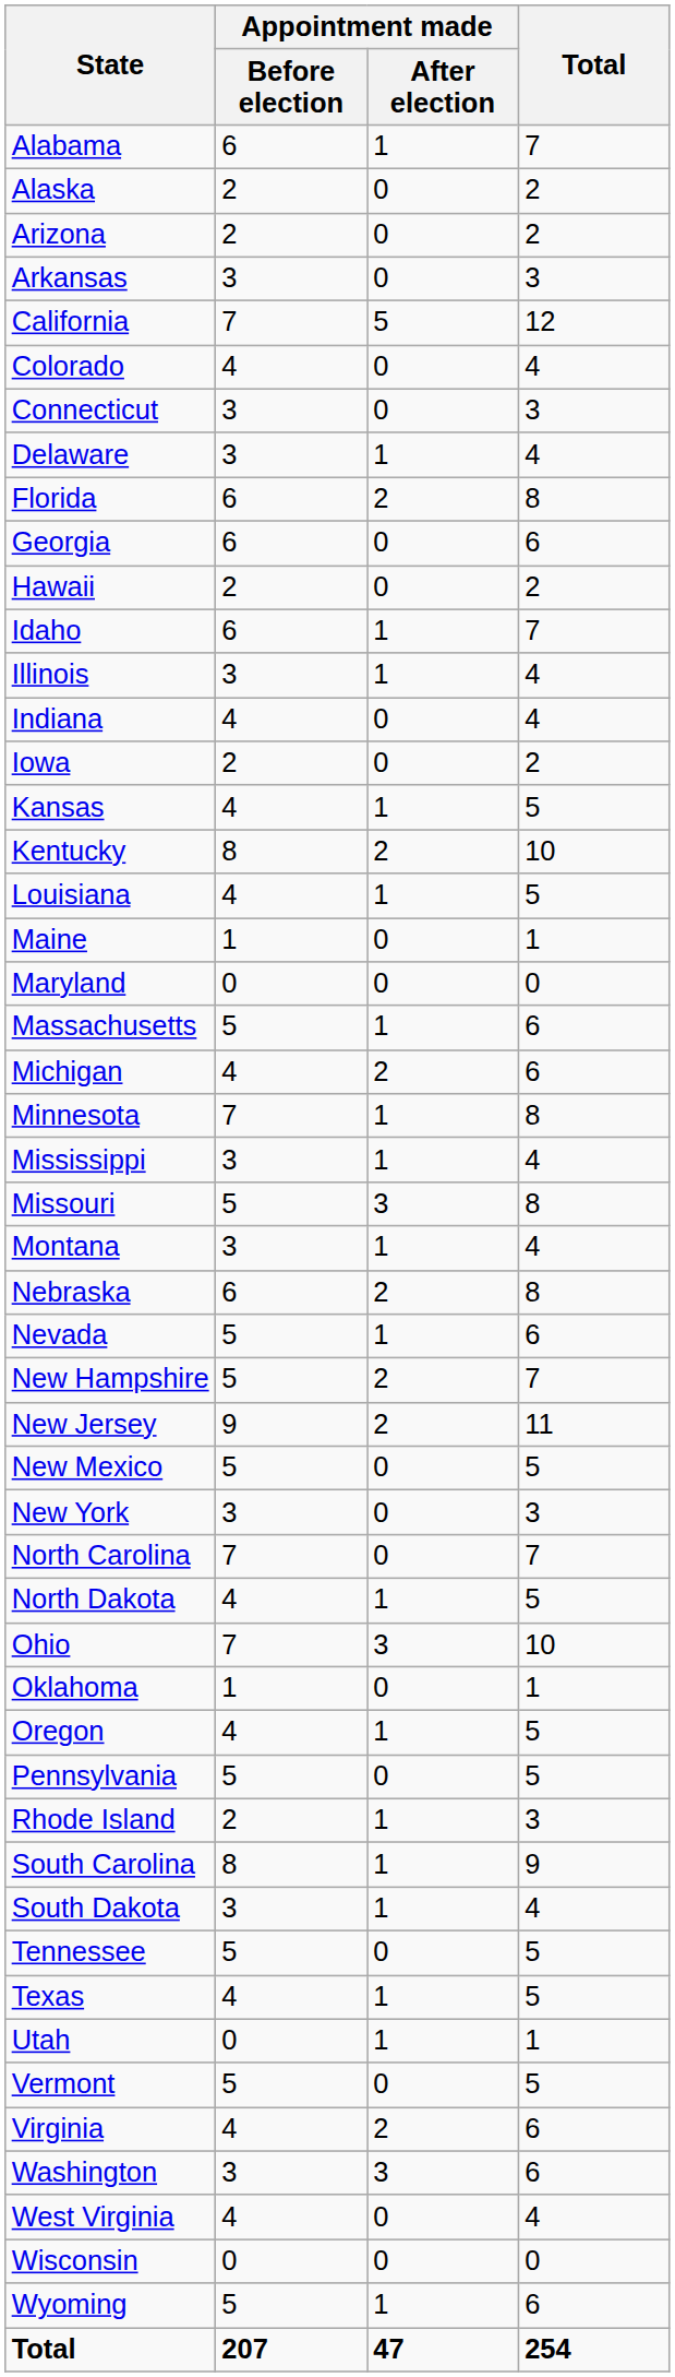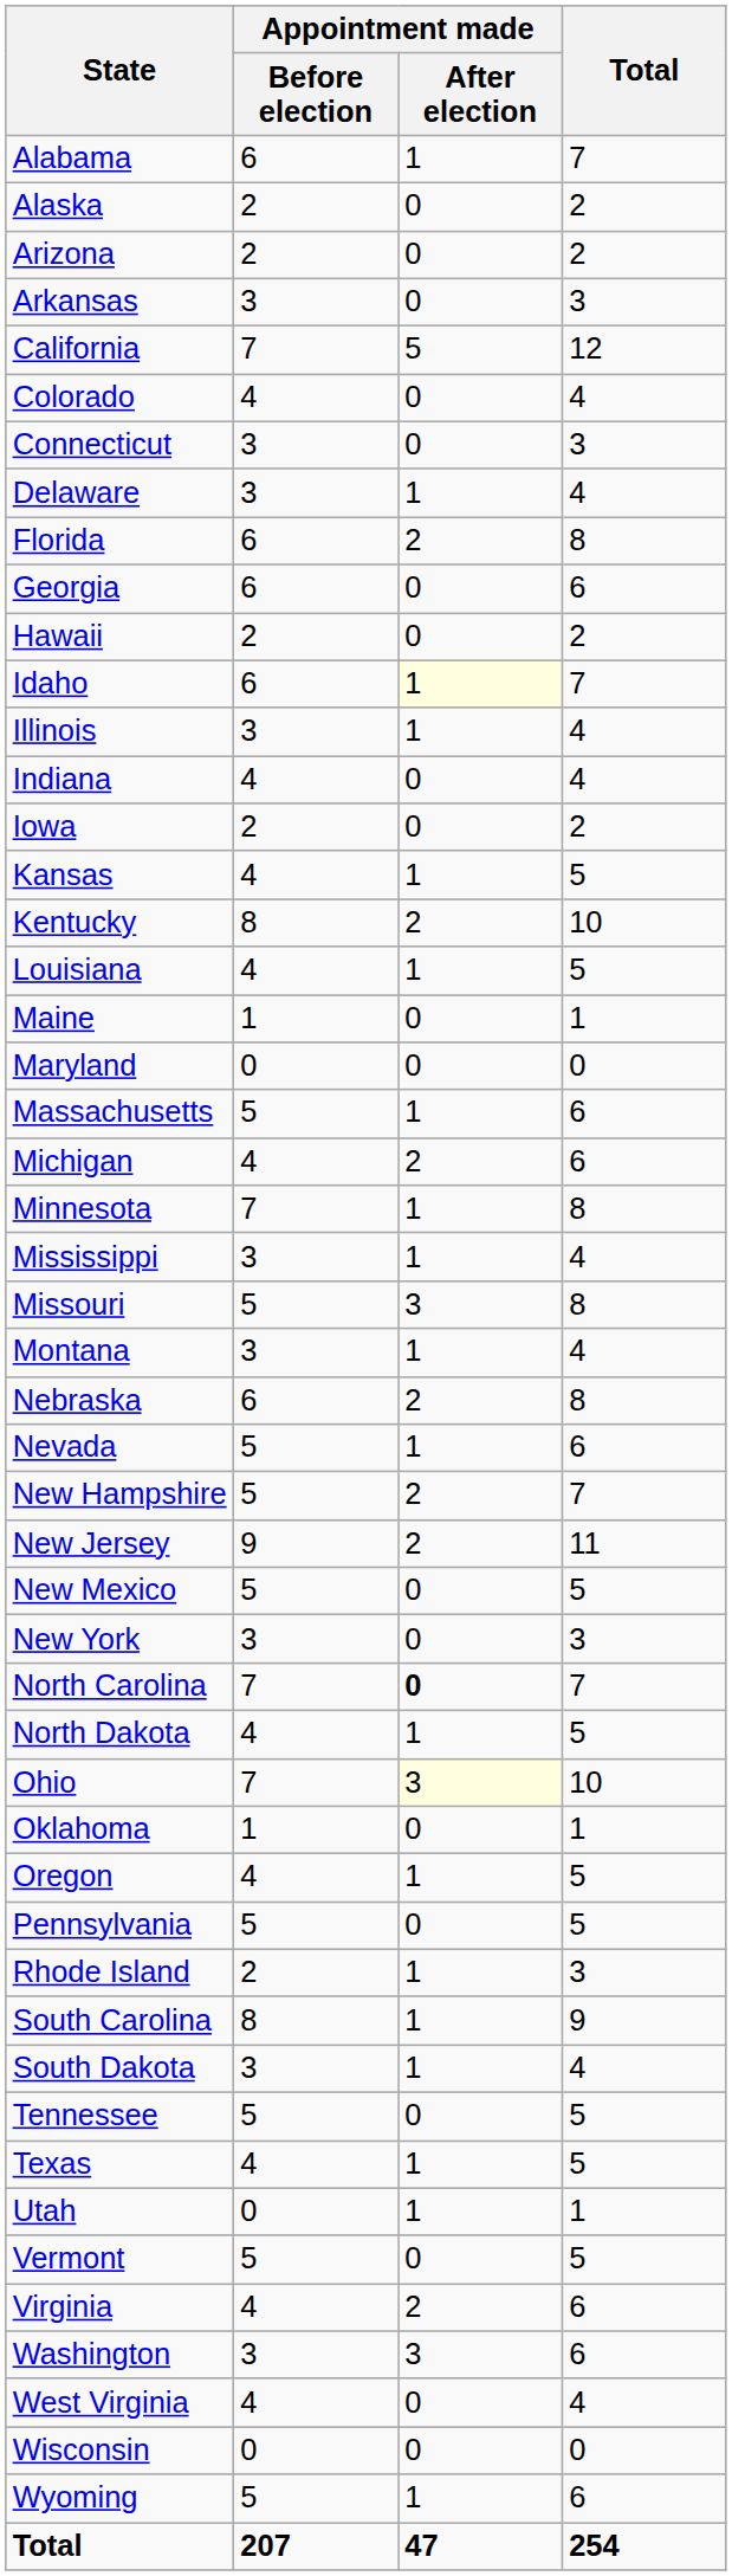 <table class="wikitable sortable mw-collapsible mw-collapsed">
 <tr>
 <th rowspan=2>State</th>
 <th colspan=2>Appointment made</th>
 <th rowspan=2 width=80px>Total</th>
 </tr>
 <tr>
 <th width=80px>Before election</th>
 <th width=80px>After election</th>
 </tr>
 <tr>
 <td> <a href='#'>Alabama</a></td>
 <td>6</td>
 <td>1</td>
 <td>7</td>
 </tr>
 <tr>
 <td> <a href='#'>Alaska</a></td>
 <td>2</td>
 <td>0</td>
 <td>2</td>
 </tr>
 <tr>
 <td> <a href='#'>Arizona</a></td>
 <td>2</td>
 <td>0</td>
 <td>2</td>
 </tr>
 <tr>
 <td> <a href='#'>Arkansas</a></td>
 <td>3</td>
 <td>0</td>
 <td>3</td>
 </tr>
 <tr>
 <td> <a href='#'>California</a></td>
 <td>7</td>
 <td>5</td>
 <td>12</td>
 </tr>
 <tr>
 <td> <a href='#'>Colorado</a></td>
 <td>4</td>
 <td>0</td>
 <td>4</td>
 </tr>
 <tr>
 <td> <a href='#'>Connecticut</a></td>
 <td>3</td>
 <td>0</td>
 <td>3</td>
 </tr>
 <tr>
 <td> <a href='#'>Delaware</a></td>
 <td>3</td>
 <td>1</td>
 <td>4</td>
 </tr>
 <tr>
 <td> <a href='#'>Florida</a></td>
 <td>6</td>
 <td>2</td>
 <td>8</td>
 </tr>
 <tr>
 <td> <a href='#'>Georgia</a></td>
 <td>6</td>
 <td>0</td>
 <td>6</td>
 </tr>
 <tr>
 <td> <a href='#'>Hawaii</a></td>
 <td>2</td>
 <td>0</td>
 <td>2</td>
 </tr>
 <tr>
 <td> <a href='#'>Idaho</a></td>
 <td>6</td>
-<td>1</td>
+<td style="background: lightyellow;">1</td>
 <td>7</td>
 </tr>
 <tr>
 <td> <a href='#'>Illinois</a></td>
 <td>3</td>
 <td>1</td>
 <td>4</td>
 </tr>
 <tr>
 <td> <a href='#'>Indiana</a></td>
 <td>4</td>
 <td>0</td>
 <td>4</td>
 </tr>
 <tr>
 <td> <a href='#'>Iowa</a></td>
 <td>2</td>
 <td>0</td>
 <td>2</td>
 </tr>
 <tr>
 <td> <a href='#'>Kansas</a></td>
 <td>4</td>
 <td>1</td>
 <td>5</td>
 </tr>
 <tr>
 <td> <a href='#'>Kentucky</a></td>
 <td>8</td>
 <td>2</td>
 <td>10</td>
 </tr>
 <tr>
 <td> <a href='#'>Louisiana</a></td>
 <td>4</td>
 <td>1</td>
 <td>5</td>
 </tr>
 <tr>
 <td> <a href='#'>Maine</a></td>
 <td>1</td>
 <td>0</td>
 <td>1</td>
 </tr>
 <tr>
 <td> <a href='#'>Maryland</a></td>
 <td>0</td>
 <td>0</td>
 <td>0</td>
 </tr>
 <tr>
 <td> <a href='#'>Massachusetts</a></td>
 <td>5</td>
 <td>1</td>
 <td>6</td>
 </tr>
 <tr>
 <td> <a href='#'>Michigan</a></td>
 <td>4</td>
 <td>2</td>
 <td>6</td>
 </tr>
 <tr>
 <td> <a href='#'>Minnesota</a></td>
 <td>7</td>
 <td>1</td>
 <td>8</td>
 </tr>
 <tr>
 <td> <a href='#'>Mississippi</a></td>
 <td>3</td>
 <td>1</td>
 <td>4</td>
 </tr>
 <tr>
 <td> <a href='#'>Missouri</a></td>
 <td>5</td>
 <td>3</td>
 <td>8</td>
 </tr>
 <tr>
 <td> <a href='#'>Montana</a></td>
 <td>3</td>
 <td>1</td>
 <td>4</td>
 </tr>
 <tr>
 <td> <a href='#'>Nebraska</a></td>
 <td>6</td>
 <td>2</td>
 <td>8</td>
 </tr>
 <tr>
 <td> <a href='#'>Nevada</a></td>
 <td>5</td>
 <td>1</td>
 <td>6</td>
 </tr>
 <tr>
 <td> <a href='#'>New Hampshire</a></td>
 <td>5</td>
 <td>2</td>
 <td>7</td>
 </tr>
 <tr>
 <td> <a href='#'>New Jersey</a></td>
 <td>9</td>
 <td>2</td>
 <td>11</td>
 </tr>
 <tr>
 <td> <a href='#'>New Mexico</a></td>
 <td>5</td>
 <td>0</td>
 <td>5</td>
 </tr>
 <tr>
 <td> <a href='#'>New York</a></td>
 <td>3</td>
 <td>0</td>
 <td>3</td>
 </tr>
 <tr>
 <td> <a href='#'>North Carolina</a></td>
 <td>7</td>
-<td>0</td>
+<td><strong>0</strong></td>
 <td>7</td>
 </tr>
 <tr>
 <td> <a href='#'>North Dakota</a></td>
 <td>4</td>
 <td>1</td>
 <td>5</td>
 </tr>
 <tr>
 <td> <a href='#'>Ohio</a></td>
 <td>7</td>
-<td>3</td>
+<td style="background: lightyellow;">3</td>
 <td>10</td>
 </tr>
 <tr>
 <td> <a href='#'>Oklahoma</a></td>
 <td>1</td>
 <td>0</td>
 <td>1</td>
 </tr>
 <tr>
 <td> <a href='#'>Oregon</a></td>
 <td>4</td>
 <td>1</td>
 <td>5</td>
 </tr>
 <tr>
 <td> <a href='#'>Pennsylvania</a></td>
 <td>5</td>
 <td>0</td>
 <td>5</td>
 </tr>
 <tr>
 <td> <a href='#'>Rhode Island</a></td>
 <td>2</td>
 <td>1</td>
 <td>3</td>
 </tr>
 <tr>
 <td> <a href='#'>South Carolina</a></td>
 <td>8</td>
 <td>1</td>
 <td>9</td>
 </tr>
 <tr>
 <td> <a href='#'>South Dakota</a></td>
 <td>3</td>
 <td>1</td>
 <td>4</td>
 </tr>
 <tr>
 <td> <a href='#'>Tennessee</a></td>
 <td>5</td>
 <td>0</td>
 <td>5</td>
 </tr>
 <tr>
 <td> <a href='#'>Texas</a></td>
 <td>4</td>
 <td>1</td>
 <td>5</td>
 </tr>
 <tr>
 <td> <a href='#'>Utah</a></td>
 <td>0</td>
 <td>1</td>
 <td>1</td>
 </tr>
 <tr>
 <td> <a href='#'>Vermont</a></td>
 <td>5</td>
 <td>0</td>
 <td>5</td>
 </tr>
 <tr>
 <td> <a href='#'>Virginia</a></td>
 <td>4</td>
 <td>2</td>
 <td>6</td>
 </tr>
 <tr>
 <td> <a href='#'>Washington</a></td>
 <td>3</td>
 <td>3</td>
 <td>6</td>
 </tr>
 <tr>
 <td> <a href='#'>West Virginia</a></td>
 <td>4</td>
 <td>0</td>
 <td>4</td>
 </tr>
 <tr>
 <td> <a href='#'>Wisconsin</a></td>
 <td>0</td>
 <td>0</td>
 <td>0</td>
 </tr>
 <tr>
 <td> <a href='#'>Wyoming</a></td>
 <td>5</td>
 <td>1</td>
 <td>6</td>
 </tr>
 <tr class="sortbottom">
 <td><strong>Total</strong></td>
 <td><strong>207</strong></td>
 <td><strong>47</strong></td>
 <td><strong>254</strong></td>
 </tr>
 </table>
